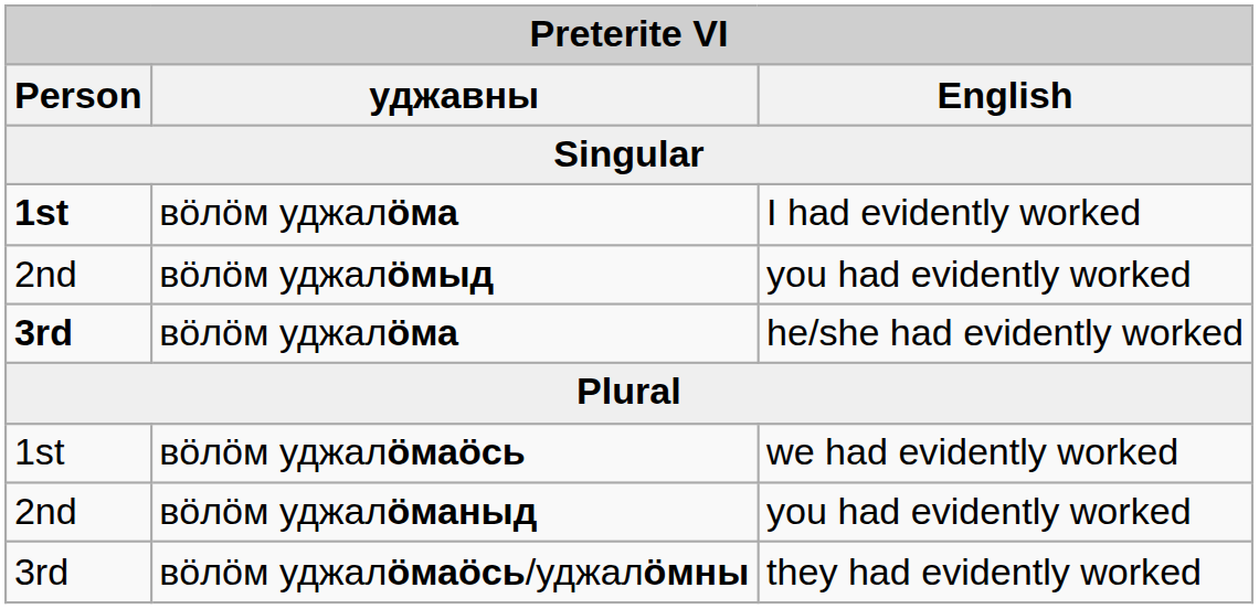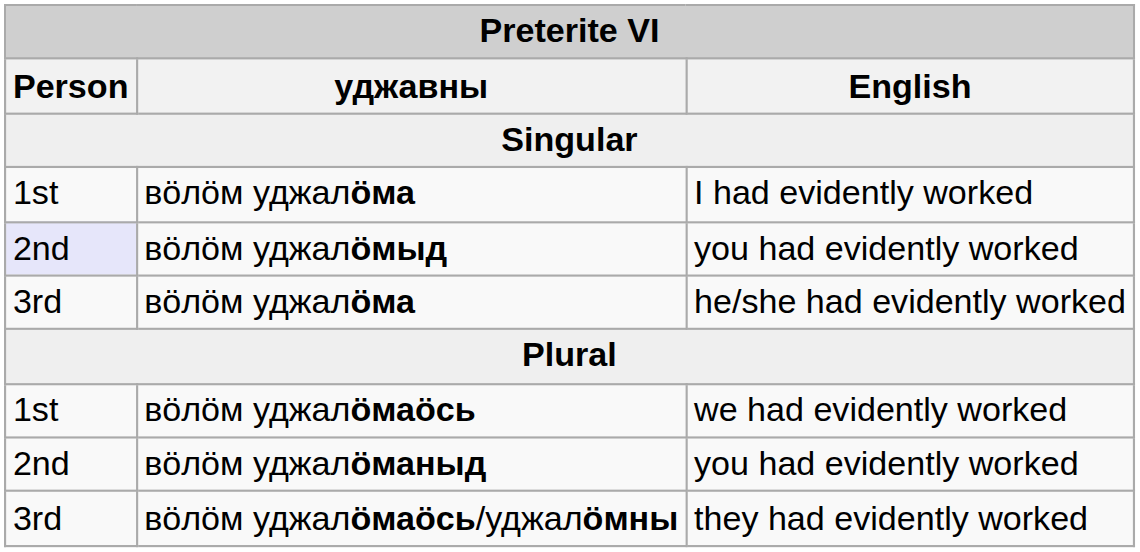 <table class="wikitable">
 <tr>
 <th colspan="5" style="background:#cfcfcf;">Preterite VI</th>
 </tr>
 <tr style="background:#dfdfdf;" |>
 <th>Person</th>
 <th>уджавны</th>
 <th>English</th>
 </tr>
 <tr>
 <th colspan="5" style="background:#efefef">Singular</th>
 </tr>
 <tr>
-<td><strong>1st</strong></td>
+<td>1st</td>
 <td>вӧлӧм уджал<strong>ӧма</strong></td>
 <td>I had evidently worked</td>
 </tr>
 <tr>
-<td>2nd</td>
+<td style="background: lavender;">2nd</td>
 <td>вӧлӧм уджал<strong>ӧмыд</strong></td>
 <td>you had evidently worked</td>
 </tr>
 <tr>
-<td><strong>3rd</strong></td>
+<td>3rd</td>
 <td>вӧлӧм уджал<strong>ӧма</strong></td>
 <td>he/she had evidently worked</td>
 </tr>
 <tr>
 <th colspan="5" style="background:#efefef">Plural</th>
 </tr>
 <tr>
 <td>1st</td>
 <td>вӧлӧм уджал<strong>ӧмаӧсь</strong></td>
 <td>we had evidently worked</td>
 </tr>
 <tr>
 <td>2nd</td>
 <td>вӧлӧм уджал<strong>ӧманыд</strong></td>
 <td>you had evidently worked</td>
 </tr>
 <tr>
 <td>3rd</td>
 <td>вӧлӧм уджал<strong>ӧмаӧсь</strong>/уджал<strong>ӧмны</strong></td>
 <td>they had evidently worked</td>
 </tr>
 </table>
